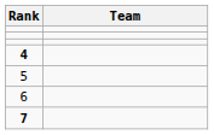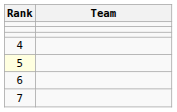 <table class="wikitable" style="text-align: center">
 <tr>
 <th>Rank</th>
 <th width=160px>Team</th>
 </tr>
 <tr>
 <td></td>
 <td align=left></td>
 </tr>
 <tr>
 <td></td>
 <td align=left></td>
 </tr>
 <tr>
 <td></td>
 <td align=left></td>
 </tr>
 <tr>
-<td><strong>4</strong></td>
+<td>4</td>
 <td align=left></td>
 </tr>
 <tr>
-<td>5</td>
+<td style="background: lightyellow;">5</td>
 <td align=left></td>
 </tr>
 <tr>
 <td>6</td>
 <td align=left></td>
 </tr>
 <tr>
-<td><strong>7</strong></td>
+<td>7</td>
 <td align=left></td>
 </tr>
 </table>
